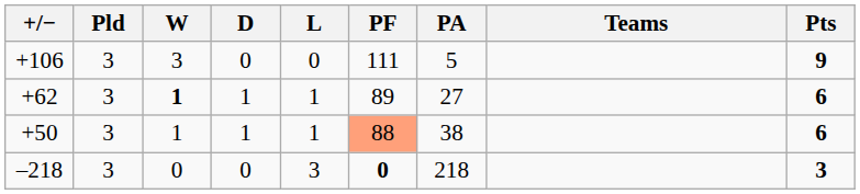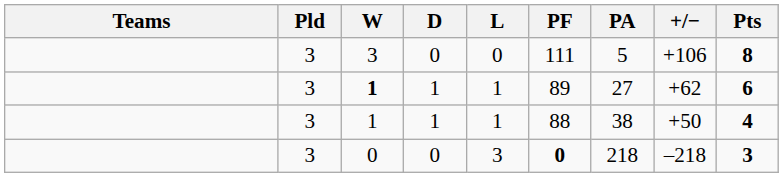 <table class="wikitable" style="text-align:center;">
 <tr>
-<th width="40">+/−</th>
+<th width="200">Teams</th>
 <th width="40">Pld</th>
 <th width="40">W</th>
 <th width="40">D</th>
 <th width="40">L</th>
 <th width="40">PF</th>
 <th width="40">PA</th>
-<th width="200">Teams</th>
+<th width="40">+/−</th>
 <th width="40">Pts</th>
 </tr>
 <tr>
-<td>+106</td>
+<td align=left></td>
 <td>3</td>
 <td>3</td>
 <td>0</td>
 <td>0</td>
 <td>111</td>
 <td>5</td>
-<td align=left></td>
-<td><strong>9</strong></td>
+<td>+106</td>
+<td><strong>8</strong></td>
 </tr>
 <tr>
-<td>+62</td>
+<td align=left></td>
 <td>3</td>
 <td><strong>1</strong></td>
 <td>1</td>
 <td>1</td>
 <td>89</td>
 <td>27</td>
-<td align=left></td>
+<td>+62</td>
 <td><strong>6</strong></td>
 </tr>
 <tr>
-<td>+50</td>
+<td align=left></td>
 <td>3</td>
 <td>1</td>
 <td>1</td>
 <td>1</td>
-<td style="background: lightsalmon;">88</td>
+<td>88</td>
 <td>38</td>
-<td align=left></td>
-<td><strong>6</strong></td>
+<td>+50</td>
+<td><strong>4</strong></td>
 </tr>
 <tr>
-<td>–218</td>
+<td align=left></td>
 <td>3</td>
 <td>0</td>
 <td>0</td>
 <td>3</td>
 <td><strong>0</strong></td>
 <td>218</td>
-<td align=left></td>
+<td>–218</td>
 <td><strong>3</strong></td>
 </tr>
 </table>
